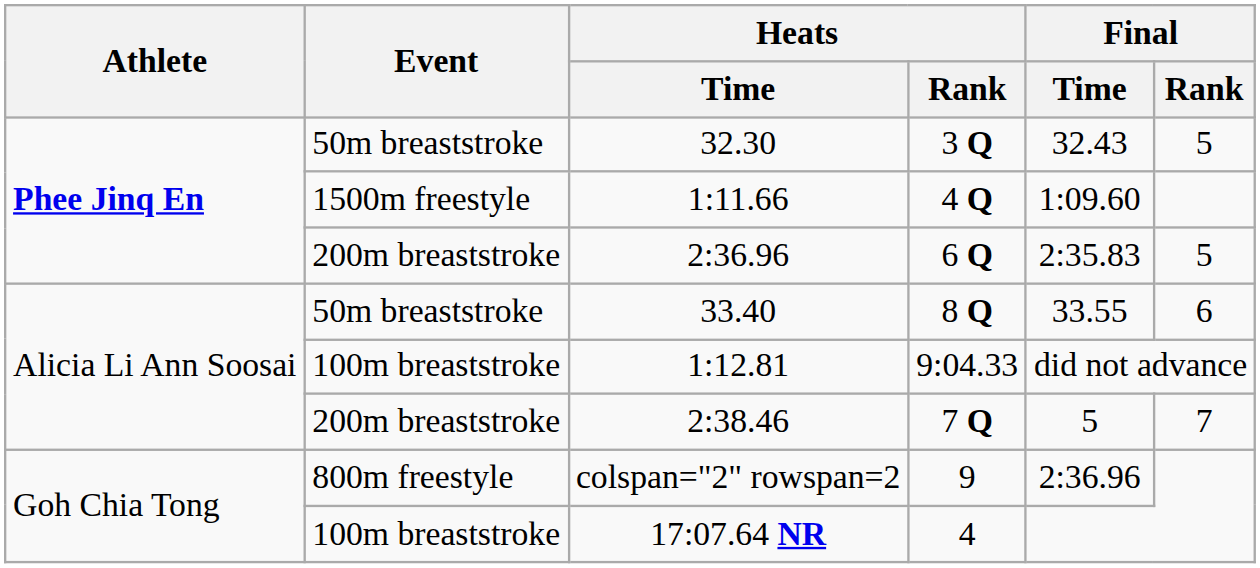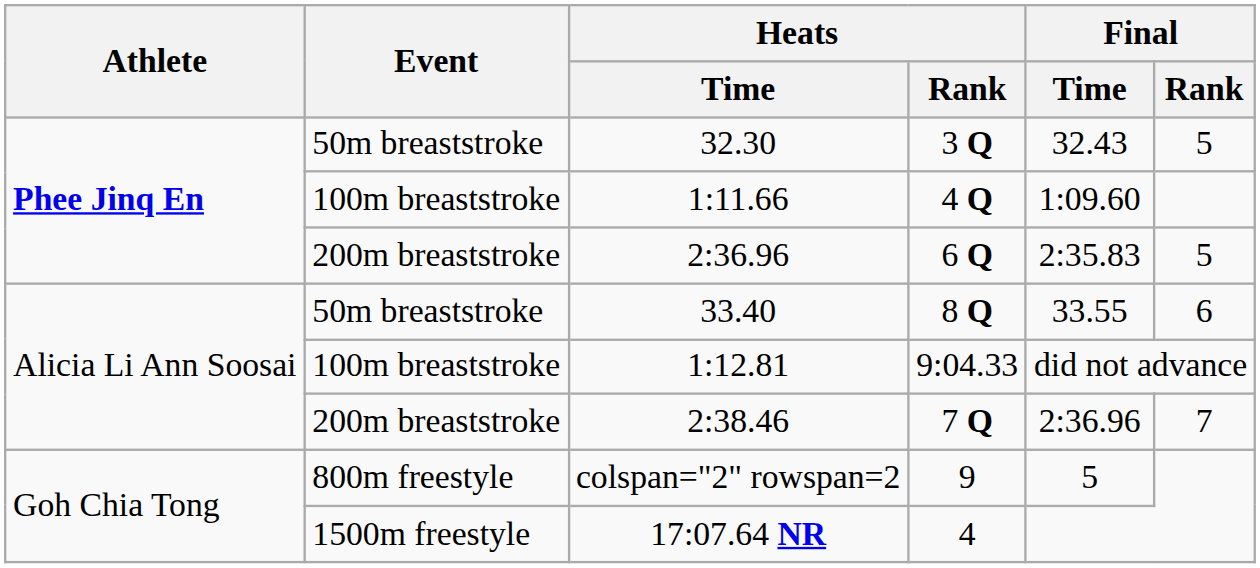 <table class="wikitable" style="font-size:90%">
 <tr>
 <th rowspan="2">Athlete</th>
 <th rowspan="2">Event</th>
 <th colspan="2">Heats</th>
 <th colspan="2">Final</th>
 </tr>
 <tr>
 <th>Time</th>
 <th>Rank</th>
 <th>Time</th>
 <th>Rank</th>
 </tr>
 <tr align="center">
 <td align="left" rowspan="3"><strong><a href='#'>Phee Jinq En</a></strong></td>
 <td align="left">50m breaststroke</td>
 <td>32.30</td>
 <td>3 <strong>Q</strong></td>
 <td>32.43</td>
 <td>5</td>
 </tr>
 <tr align="center">
-<td align="left">1500m freestyle</td>
+<td align="left">100m breaststroke</td>
 <td>1:11.66</td>
 <td>4 <strong>Q</strong></td>
 <td>1:09.60</td>
 <td></td>
 </tr>
 <tr align="center">
 <td align="left">200m breaststroke</td>
 <td>2:36.96</td>
 <td>6 <strong>Q</strong></td>
 <td>2:35.83</td>
 <td>5</td>
 </tr>
 <tr align="center">
 <td rowspan="3" align="left">Alicia Li Ann Soosai</td>
 <td align="left">50m breaststroke</td>
 <td>33.40</td>
 <td>8 <strong>Q</strong></td>
 <td>33.55</td>
 <td>6</td>
 </tr>
 <tr align="center">
 <td align="left">100m breaststroke</td>
 <td>1:12.81</td>
 <td>9:04.33</td>
 <td colspan="2">did not advance</td>
 </tr>
 <tr align="center">
 <td align="left">200m breaststroke</td>
 <td>2:38.46</td>
 <td>7 <strong>Q</strong></td>
-<td>5</td>
+<td>2:36.96</td>
 <td>7</td>
 </tr>
 <tr align="center">
 <td align="left" rowspan=2>Goh Chia Tong</td>
 <td align="left">800m freestyle</td>
 <td>colspan="2" rowspan=2 </td>
 <td>9</td>
-<td>2:36.96</td>
+<td>5</td>
 </tr>
 <tr align="center">
-<td align="left">100m breaststroke</td>
+<td align="left">1500m freestyle</td>
 <td>17:07.64 <strong><a href='#'>NR</a></strong></td>
 <td>4</td>
 </tr>
 </table>
